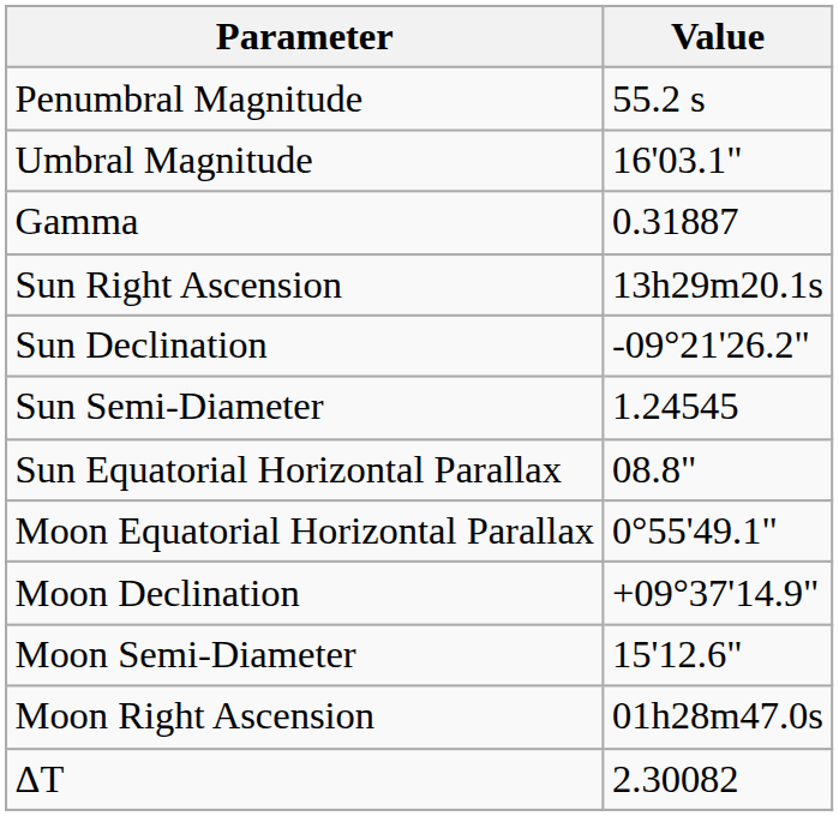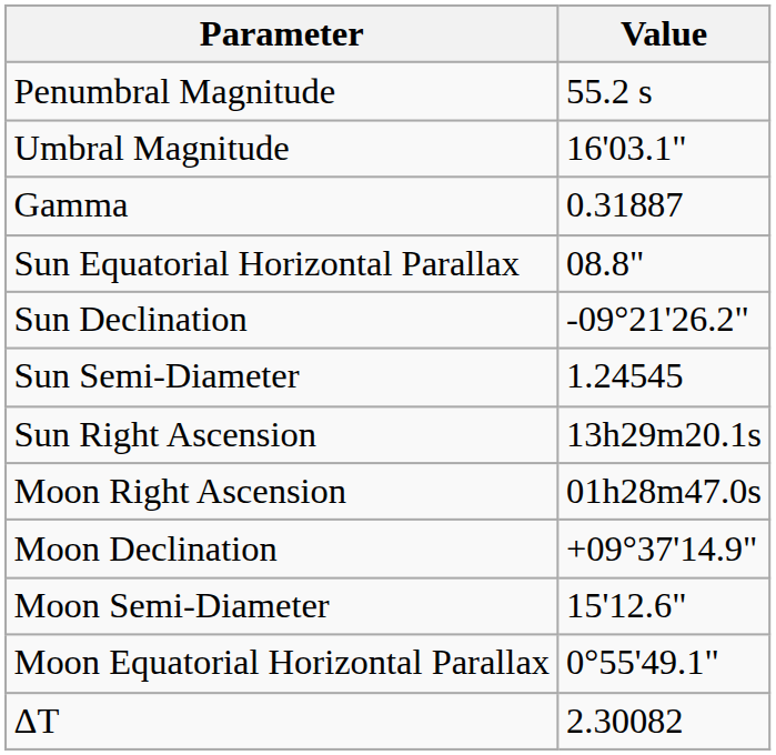 <table class="wikitable">
 <tr>
 <th>Parameter</th>
 <th>Value</th>
 </tr>
 <tr>
 <td>Penumbral Magnitude</td>
 <td>55.2 s</td>
 </tr>
 <tr>
 <td>Umbral Magnitude</td>
 <td>16'03.1"</td>
 </tr>
 <tr>
 <td>Gamma</td>
 <td>0.31887</td>
 </tr>
 <tr>
-<td>Sun Right Ascension</td>
-<td>13h29m20.1s</td>
+<td>Sun Equatorial Horizontal Parallax</td>
+<td>08.8"</td>
 </tr>
 <tr>
 <td>Sun Declination</td>
 <td>-09°21'26.2"</td>
 </tr>
 <tr>
 <td>Sun Semi-Diameter</td>
 <td>1.24545</td>
 </tr>
 <tr>
-<td>Sun Equatorial Horizontal Parallax</td>
-<td>08.8"</td>
+<td>Sun Right Ascension</td>
+<td>13h29m20.1s</td>
 </tr>
 <tr>
-<td>Moon Equatorial Horizontal Parallax</td>
-<td>0°55'49.1"</td>
+<td>Moon Right Ascension</td>
+<td>01h28m47.0s</td>
 </tr>
 <tr>
 <td>Moon Declination</td>
 <td>+09°37'14.9"</td>
 </tr>
 <tr>
 <td>Moon Semi-Diameter</td>
 <td>15'12.6"</td>
 </tr>
 <tr>
-<td>Moon Right Ascension</td>
-<td>01h28m47.0s</td>
+<td>Moon Equatorial Horizontal Parallax</td>
+<td>0°55'49.1"</td>
 </tr>
 <tr>
 <td>ΔT</td>
 <td>2.30082</td>
 </tr>
 </table>
